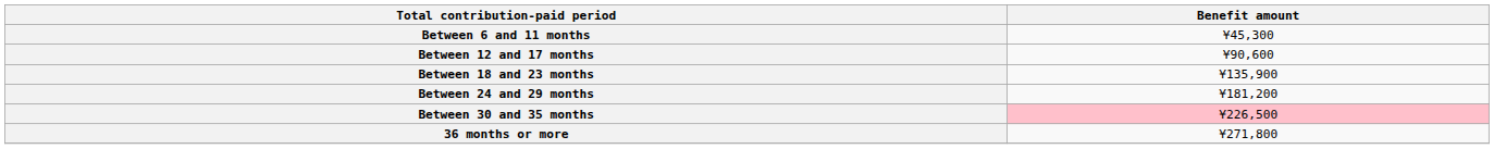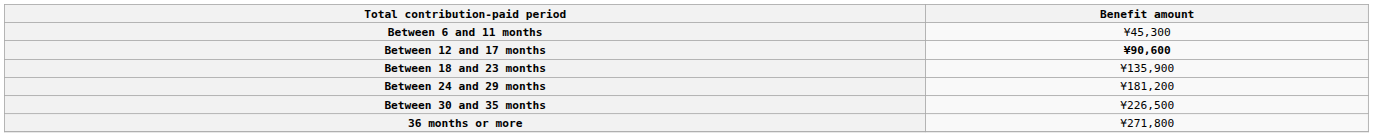 <table class="wikitable" style="text-align:center; width:80%;">
 <tr>
 <th scope="col">Total contribution-paid period</th>
 <th scope="col">Benefit amount</th>
 </tr>
 <tr>
 <th scope="row">Between 6 and 11 months</th>
 <td>¥45,300</td>
 </tr>
 <tr>
 <th scope="row">Between 12 and 17 months</th>
-<td>¥90,600</td>
+<td><strong>¥90,600</strong></td>
 </tr>
 <tr>
 <th scope="row">Between 18 and 23 months</th>
 <td>¥135,900</td>
 </tr>
 <tr>
 <th scope="row">Between 24 and 29 months</th>
 <td>¥181,200</td>
 </tr>
 <tr>
 <th scope="row">Between 30 and 35 months</th>
-<td style="background: pink;">¥226,500</td>
+<td>¥226,500</td>
 </tr>
 <tr>
 <th scope="row">36 months or more</th>
 <td>¥271,800</td>
 </tr>
 <tr>
 </tr>
 </table>
